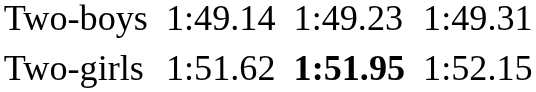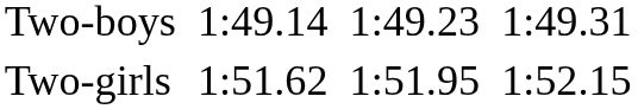 <table>
 <tr>
 <td>Two-boys <br></td>
 <td></td>
 <td>1:49.14</td>
 <td></td>
 <td>1:49.23</td>
 <td></td>
 <td>1:49.31</td>
 </tr>
 <tr>
 <td>Two-girls <br></td>
 <td></td>
 <td>1:51.62</td>
 <td></td>
-<td><strong>1:51.95</strong></td>
+<td>1:51.95</td>
 <td></td>
 <td>1:52.15</td>
 </tr>
 </table>
